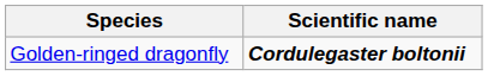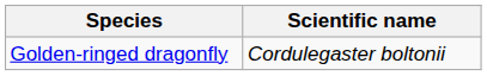 <table class="wikitable">
 <tr>
 <th>Species</th>
 <th>Scientific name</th>
 </tr>
 <tr>
 <td style="width:180px"><a href='#'>Golden-ringed dragonfly</a></td>
-<td style="width:180px"><strong><em>Cordulegaster boltonii</em></strong></td>
+<td style="width:180px"><em>Cordulegaster boltonii</em></td>
 </tr>
 </table>
